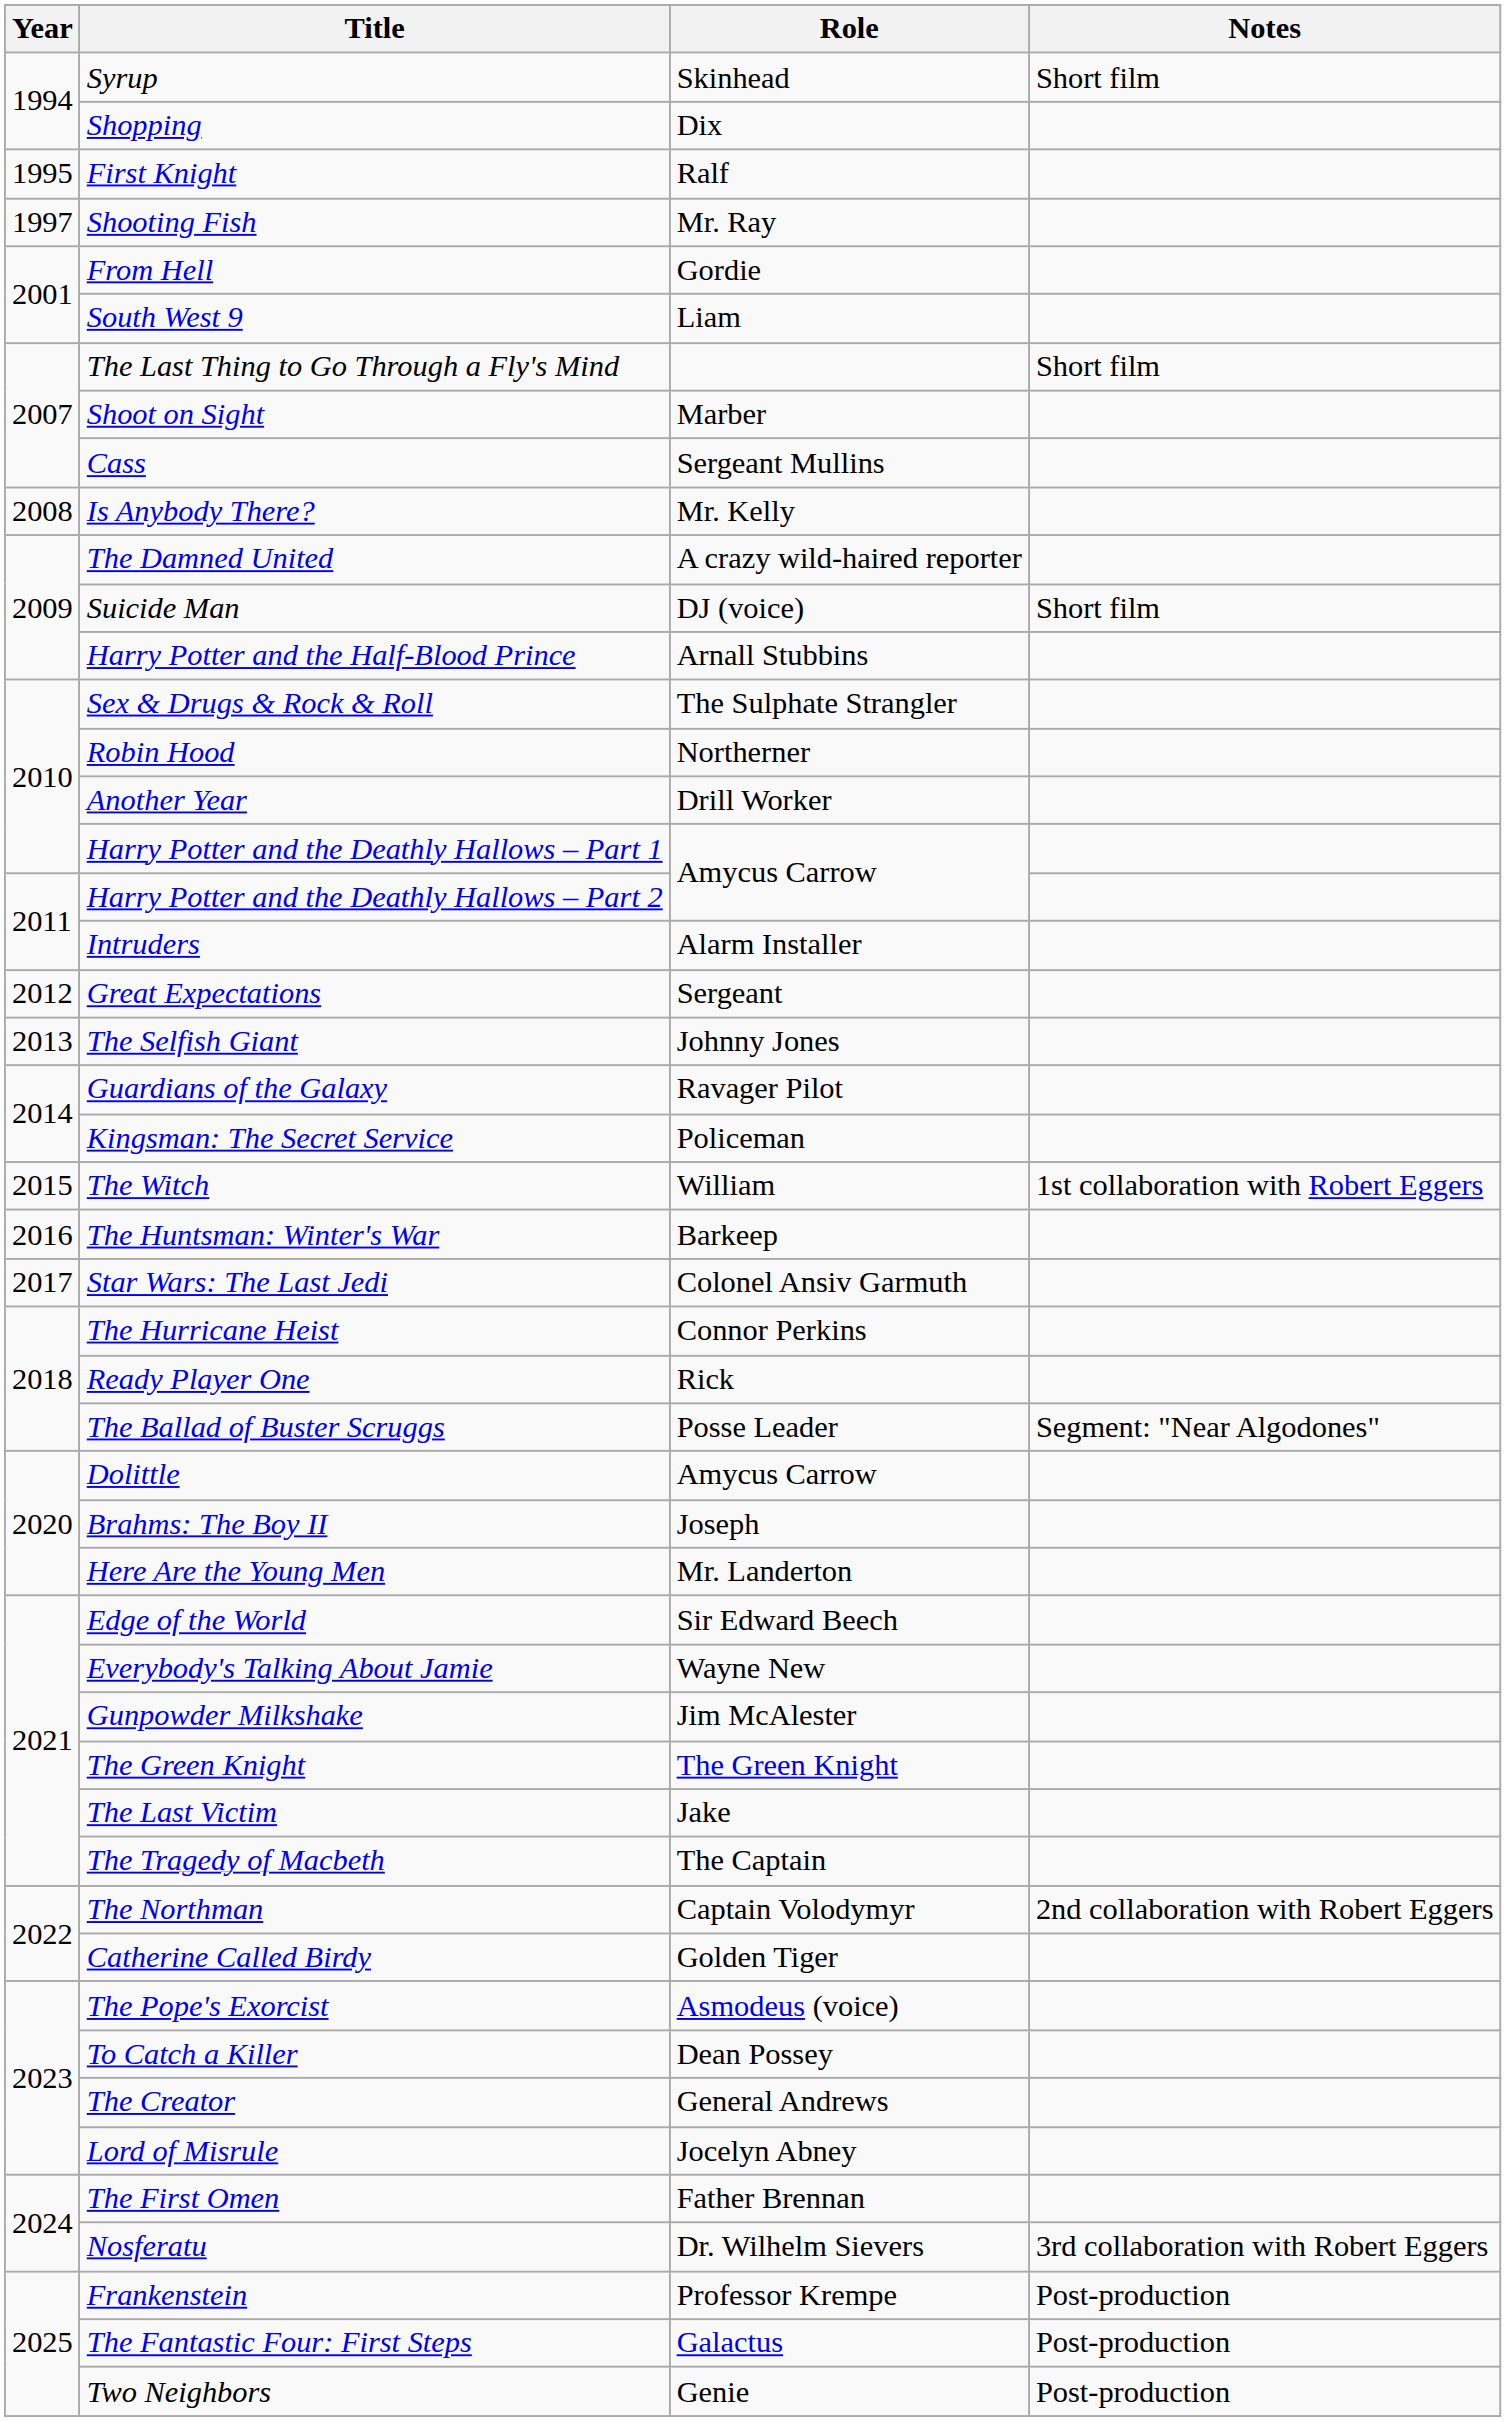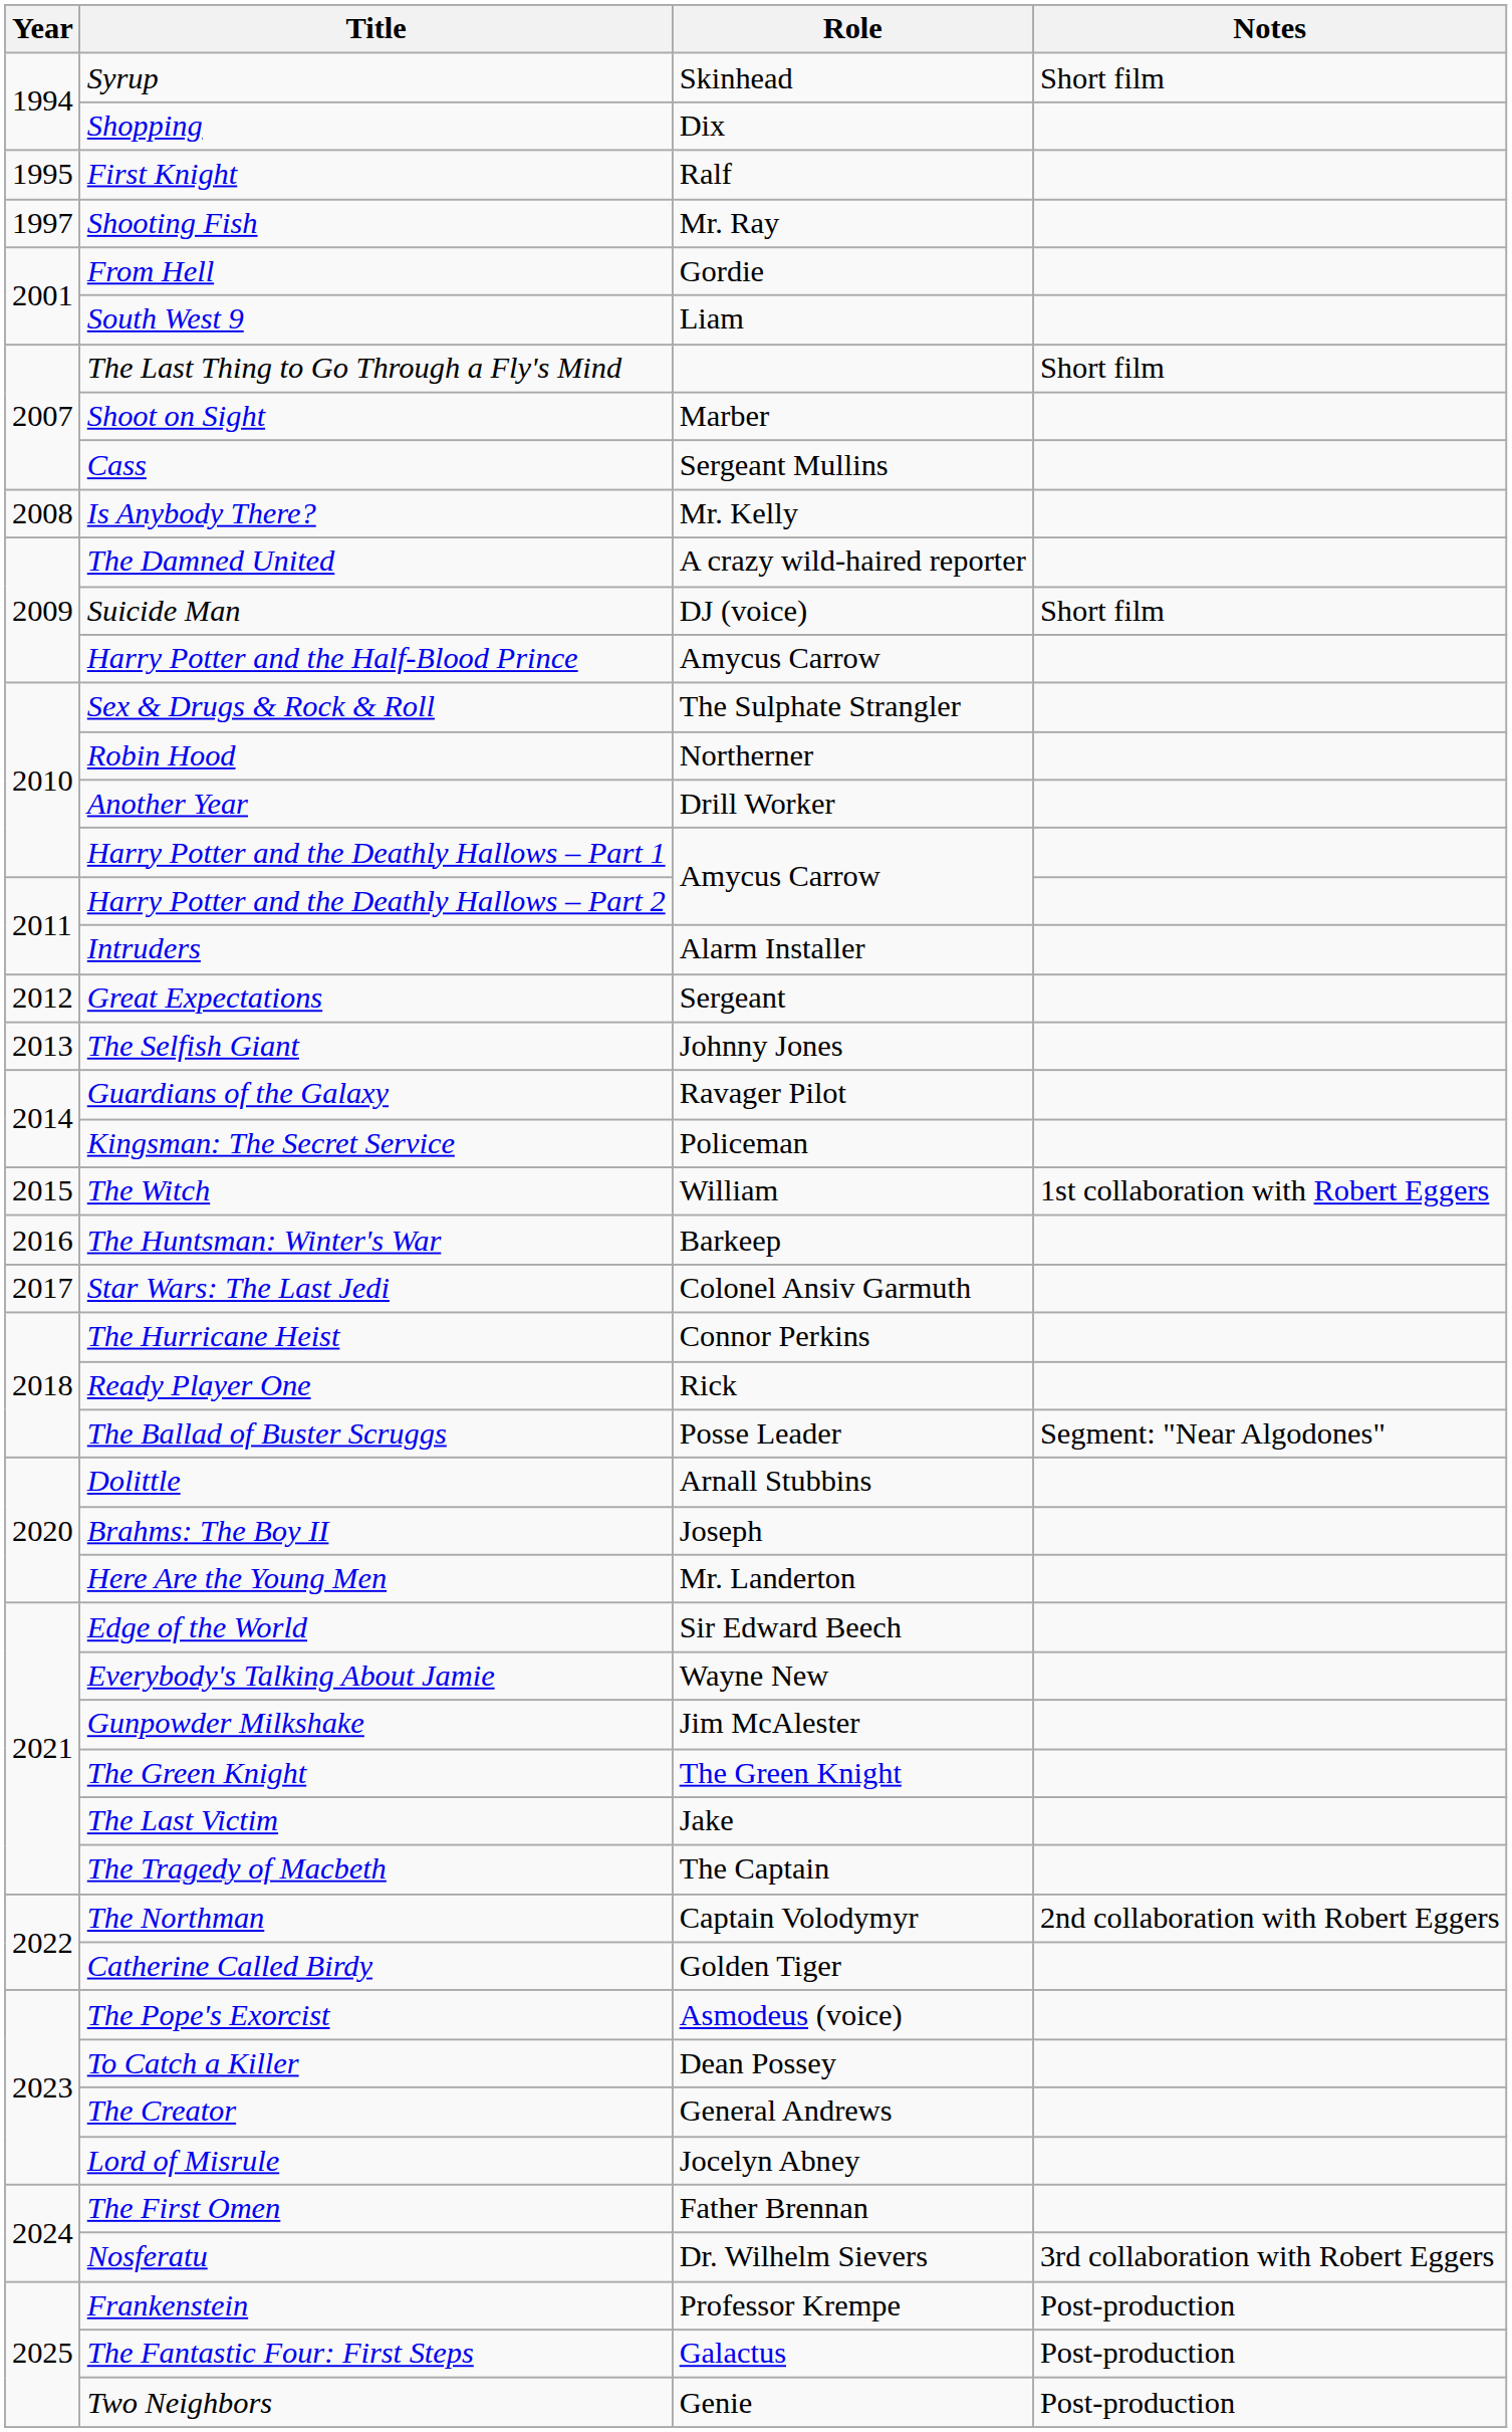 <table class = "wikitable sortable">
 <tr>
 <th>Year</th>
 <th>Title</th>
 <th>Role</th>
 <th class = "unsortable">Notes</th>
 </tr>
 <tr>
 <td rowspan="2">1994</td>
 <td><em>Syrup</em></td>
 <td>Skinhead</td>
 <td>Short film</td>
 </tr>
 <tr>
 <td><em><a href='#'>Shopping</a></em></td>
 <td>Dix</td>
 <td></td>
 </tr>
 <tr>
 <td>1995</td>
 <td><em><a href='#'>First Knight</a></em></td>
 <td>Ralf</td>
 <td></td>
 </tr>
 <tr>
 <td>1997</td>
 <td><em><a href='#'>Shooting Fish</a></em></td>
 <td>Mr. Ray</td>
 <td></td>
 </tr>
 <tr>
 <td rowspan="2">2001</td>
 <td><em><a href='#'>From Hell</a></em></td>
 <td>Gordie</td>
 <td></td>
 </tr>
 <tr>
 <td><em><a href='#'>South West 9</a></em></td>
 <td>Liam</td>
 <td></td>
 </tr>
 <tr>
 <td rowspan="3">2007</td>
 <td><em>The Last Thing to Go Through a Fly's Mind</em></td>
 <td></td>
 <td>Short film</td>
 </tr>
 <tr>
 <td><em><a href='#'>Shoot on Sight</a></em></td>
 <td>Marber</td>
 <td></td>
 </tr>
 <tr>
 <td><em><a href='#'>Cass</a></em></td>
 <td>Sergeant Mullins</td>
 <td></td>
 </tr>
 <tr>
 <td>2008</td>
 <td><em><a href='#'>Is Anybody There?</a></em></td>
 <td>Mr. Kelly</td>
 <td></td>
 </tr>
 <tr>
 <td rowspan="3">2009</td>
 <td><em><a href='#'>The Damned United</a></em></td>
 <td>A crazy wild-haired reporter</td>
 <td></td>
 </tr>
 <tr>
 <td><em>Suicide Man</em></td>
 <td>DJ (voice)</td>
 <td>Short film</td>
 </tr>
 <tr>
 <td><em><a href='#'>Harry Potter and the Half-Blood Prince</a></em></td>
-<td>Arnall Stubbins</td>
+<td>Amycus Carrow</td>
 <td></td>
 </tr>
 <tr>
 <td rowspan="4">2010</td>
 <td><em><a href='#'>Sex & Drugs & Rock & Roll</a></em></td>
 <td>The Sulphate Strangler</td>
 <td></td>
 </tr>
 <tr>
 <td><em><a href='#'>Robin Hood</a></em></td>
 <td>Northerner</td>
 <td></td>
 </tr>
 <tr>
 <td><em><a href='#'>Another Year</a></em></td>
 <td>Drill Worker</td>
 <td></td>
 </tr>
 <tr>
 <td><em><a href='#'>Harry Potter and the Deathly Hallows – Part 1</a></em></td>
 <td rowspan="2">Amycus Carrow</td>
 <td></td>
 </tr>
 <tr>
 <td rowspan="2">2011</td>
 <td><em><a href='#'>Harry Potter and the Deathly Hallows – Part 2</a></em></td>
 <td></td>
 </tr>
 <tr>
 <td><em><a href='#'>Intruders</a></em></td>
 <td>Alarm Installer</td>
 <td></td>
 </tr>
 <tr>
 <td>2012</td>
 <td><em><a href='#'>Great Expectations</a></em></td>
 <td>Sergeant</td>
 <td></td>
 </tr>
 <tr>
 <td>2013</td>
 <td><em><a href='#'>The Selfish Giant</a></em></td>
 <td>Johnny Jones</td>
 <td></td>
 </tr>
 <tr>
 <td rowspan="2">2014</td>
 <td><em><a href='#'>Guardians of the Galaxy</a></em></td>
 <td>Ravager Pilot</td>
 <td></td>
 </tr>
 <tr>
 <td><em><a href='#'>Kingsman: The Secret Service</a></em></td>
 <td>Policeman</td>
 <td></td>
 </tr>
 <tr>
 <td>2015</td>
 <td><em><a href='#'>The Witch</a></em></td>
 <td>William</td>
 <td>1st collaboration with <a href='#'>Robert Eggers</a></td>
 </tr>
 <tr>
 <td>2016</td>
 <td><em><a href='#'>The Huntsman: Winter's War</a></em></td>
 <td>Barkeep</td>
 <td></td>
 </tr>
 <tr>
 <td>2017</td>
 <td><em><a href='#'>Star Wars: The Last Jedi</a></em></td>
 <td>Colonel Ansiv Garmuth</td>
 <td></td>
 </tr>
 <tr>
 <td rowspan="3">2018</td>
 <td><em><a href='#'>The Hurricane Heist</a></em></td>
 <td>Connor Perkins</td>
 <td></td>
 </tr>
 <tr>
 <td><em><a href='#'>Ready Player One</a></em></td>
 <td>Rick</td>
 <td></td>
 </tr>
 <tr>
 <td><em><a href='#'>The Ballad of Buster Scruggs</a></em></td>
 <td>Posse Leader</td>
 <td>Segment: "Near Algodones"</td>
 </tr>
 <tr>
 <td rowspan=3>2020</td>
 <td><em><a href='#'>Dolittle</a></em></td>
-<td>Amycus Carrow</td>
+<td>Arnall Stubbins</td>
 <td></td>
 </tr>
 <tr>
 <td><em><a href='#'>Brahms: The Boy II</a></em></td>
 <td>Joseph</td>
 <td></td>
 </tr>
 <tr>
 <td><em><a href='#'>Here Are the Young Men</a></em></td>
 <td>Mr. Landerton</td>
 <td></td>
 </tr>
 <tr>
 <td rowspan=6>2021</td>
 <td><em><a href='#'>Edge of the World</a></em></td>
 <td>Sir Edward Beech</td>
 <td></td>
 </tr>
 <tr>
 <td><em><a href='#'>Everybody's Talking About Jamie</a></em></td>
 <td>Wayne New</td>
 <td></td>
 </tr>
 <tr>
 <td><em><a href='#'>Gunpowder Milkshake</a></em></td>
 <td>Jim McAlester</td>
 <td></td>
 </tr>
 <tr>
 <td><em><a href='#'>The Green Knight</a></em></td>
 <td><a href='#'>The Green Knight</a></td>
 <td></td>
 </tr>
 <tr>
 <td><em><a href='#'>The Last Victim</a></em></td>
 <td>Jake</td>
 <td></td>
 </tr>
 <tr>
 <td><em><a href='#'>The Tragedy of Macbeth</a></em></td>
 <td>The Captain</td>
 <td></td>
 </tr>
 <tr>
 <td rowspan=2>2022</td>
 <td><em><a href='#'>The Northman</a></em></td>
 <td>Captain Volodymyr</td>
 <td>2nd collaboration with Robert Eggers</td>
 </tr>
 <tr>
 <td><em><a href='#'>Catherine Called Birdy</a></em></td>
 <td>Golden Tiger</td>
 <td></td>
 </tr>
 <tr>
 <td rowspan=4>2023</td>
 <td><em><a href='#'>The Pope's Exorcist</a></em></td>
 <td><a href='#'>Asmodeus</a> (voice)</td>
 <td></td>
 </tr>
 <tr>
 <td><em><a href='#'>To Catch a Killer</a></em></td>
 <td>Dean Possey</td>
 <td></td>
 </tr>
 <tr>
 <td><em><a href='#'>The Creator</a></em></td>
 <td>General Andrews</td>
 <td></td>
 </tr>
 <tr>
 <td><em><a href='#'>Lord of Misrule</a></em></td>
 <td>Jocelyn Abney</td>
 <td></td>
 </tr>
 <tr>
 <td rowspan="2">2024</td>
 <td><em><a href='#'>The First Omen</a></em></td>
 <td>Father Brennan</td>
 <td></td>
 </tr>
 <tr>
 <td><em><a href='#'>Nosferatu</a></em></td>
 <td>Dr. Wilhelm Sievers</td>
 <td>3rd collaboration with Robert Eggers</td>
 </tr>
 <tr>
 <td rowspan="3">2025</td>
 <td><em><a href='#'>Frankenstein</a></em></td>
 <td>Professor Krempe</td>
 <td>Post-production</td>
 </tr>
 <tr>
 <td><em><a href='#'>The Fantastic Four: First Steps</a></em></td>
 <td><a href='#'>Galactus</a></td>
 <td>Post-production</td>
 </tr>
 <tr>
 <td><em>Two Neighbors</em></td>
 <td>Genie</td>
 <td>Post-production</td>
 </tr>
 </table>
